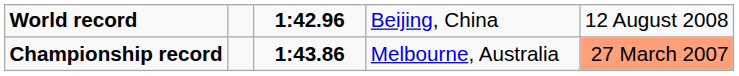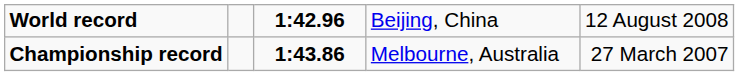 <table class="wikitable">
 <tr>
 <td><strong>World record</strong></td>
 <td style="padding-right:1em"></td>
 <td style="text-align:center;padding-left:1em; padding-right:1em;"><strong>1:42.96</strong></td>
 <td style="padding-right:1em"><a href='#'>Beijing</a>, China</td>
 <td align=right>12 August 2008</td>
 </tr>
 <tr>
 <td><strong>Championship record</strong></td>
 <td style="padding-right:1em"></td>
 <td style="text-align:center;padding-left:1em; padding-right:1em;"><strong>1:43.86</strong></td>
 <td style="padding-right:1em"><a href='#'>Melbourne</a>, Australia</td>
-<td align=right style="background: lightsalmon;">27 March 2007</td>
+<td align=right>27 March 2007</td>
 </tr>
 </table>
